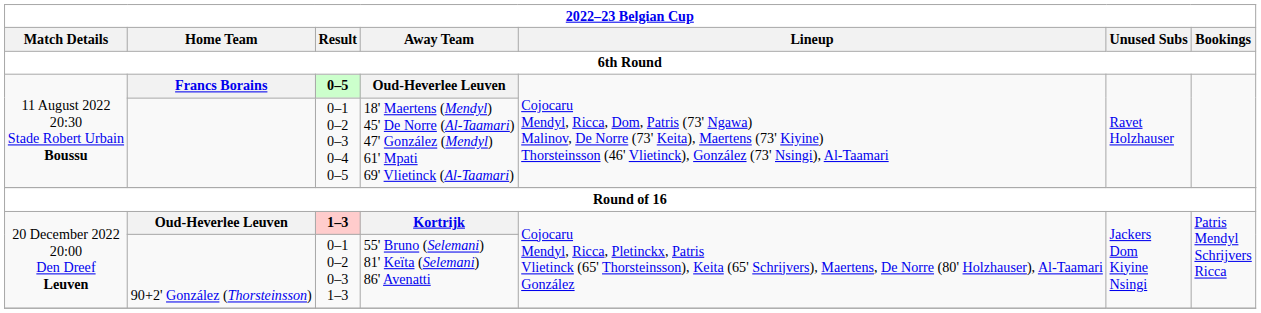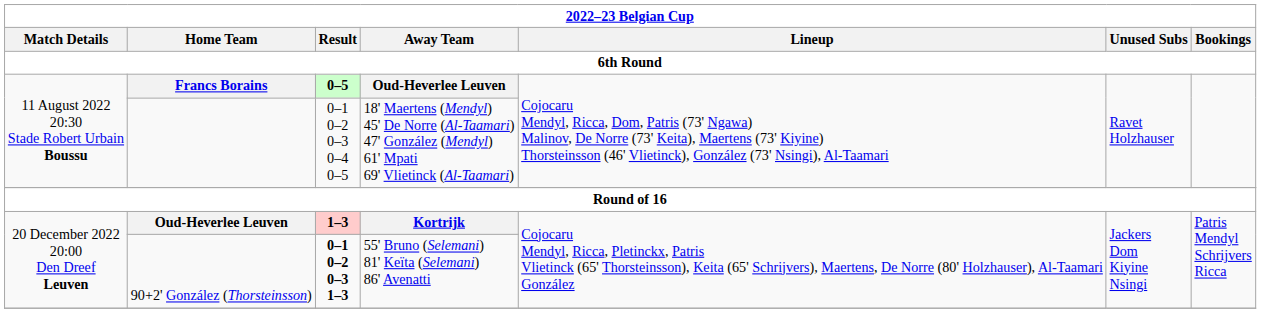 <table class="wikitable" style="font-size:85%">
 <tr>
 <td colspan="7" align="center" style="background:white;"><strong><a href='#'>2022–23 Belgian Cup</a></strong></td>
 </tr>
 <tr>
 <th>Match Details</th>
 <th>Home Team</th>
 <th>Result</th>
 <th>Away Team</th>
 <th>Lineup</th>
 <th>Unused Subs</th>
 <th>Bookings</th>
 </tr>
 <tr>
 <td style="background:white;" align="center" colspan="7"><strong>6th Round</strong></td>
 </tr>
 <tr>
 <td rowspan="2" align="center">11 August 2022<br>20:30<br><a href='#'>Stade Robert Urbain</a><br><strong>Boussu</strong><br></td>
 <th><strong><a href='#'>Francs Borains</a></strong></th>
 <th style="background: #CCFFCC;">0–5</th>
 <th><strong>Oud-Heverlee Leuven</strong></th>
 <td rowspan="2"><a href='#'>Cojocaru</a><br><a href='#'>Mendyl</a>, <a href='#'>Ricca</a>, <a href='#'>Dom</a>, <a href='#'>Patris</a> (73' <a href='#'>Ngawa</a>)<br><a href='#'>Malinov</a>, <a href='#'>De Norre</a> (73' <a href='#'>Keita</a>), <a href='#'>Maertens</a> (73' <a href='#'>Kiyine</a>)<br><a href='#'>Thorsteinsson</a> (46' <a href='#'>Vlietinck</a>), <a href='#'>González</a> (73' <a href='#'>Nsingi</a>), <a href='#'>Al-Taamari</a></td>
 <td rowspan="2"><a href='#'>Ravet</a><br><a href='#'>Holzhauser</a></td>
 <td rowspan="2" valign="top"></td>
 </tr>
 <tr valign="top">
 <td align="right"></td>
 <td align="center">0–1<br>0–2<br>0–3<br>0–4<br>0–5</td>
 <td>18' <a href='#'>Maertens</a> (<em><a href='#'>Mendyl</a></em>)<br>45' <a href='#'>De Norre</a> (<em><a href='#'>Al-Taamari</a></em>)<br>47' <a href='#'>González</a> (<em><a href='#'>Mendyl</a></em>)<br>61' <a href='#'>Mpati</a> <br>69' <a href='#'>Vlietinck</a> (<em><a href='#'>Al-Taamari</a></em>)</td>
 </tr>
 <tr>
 </tr>
 <tr>
 <td style="background:white;" align="center" colspan="7"><strong>Round of 16</strong></td>
 </tr>
 <tr>
 <td rowspan="2" align="center">20 December 2022<br>20:00<br><a href='#'>Den Dreef</a><br><strong>Leuven</strong><br></td>
 <th><strong>Oud-Heverlee Leuven</strong></th>
 <th style="background: #FFCCCC;">1–3</th>
 <th><strong><a href='#'>Kortrijk</a></strong></th>
 <td rowspan="2"><a href='#'>Cojocaru</a><br><a href='#'>Mendyl</a>, <a href='#'>Ricca</a>, <a href='#'>Pletinckx</a>, <a href='#'>Patris</a><br><a href='#'>Vlietinck</a> (65' <a href='#'>Thorsteinsson</a>), <a href='#'>Keita</a> (65' <a href='#'>Schrijvers</a>), <a href='#'>Maertens</a>, <a href='#'>De Norre</a> (80' <a href='#'>Holzhauser</a>), <a href='#'>Al-Taamari</a><br><a href='#'>González</a></td>
 <td rowspan="2"><a href='#'>Jackers</a><br><a href='#'>Dom</a><br><a href='#'>Kiyine</a><br><a href='#'>Nsingi</a></td>
 <td rowspan="2" valign="top"> <a href='#'>Patris</a><br> <a href='#'>Mendyl</a><br> <a href='#'>Schrijvers</a><br> <a href='#'>Ricca</a></td>
 </tr>
 <tr valign="top">
 <td align="right"><br><br><br>90+2' <a href='#'>González</a> (<em><a href='#'>Thorsteinsson</a></em>)</td>
-<td align="center">0–1<br>0–2<br>0–3<br>1–3</td>
+<td align="center"><strong>0–1<br>0–2<br>0–3<br>1–3</strong></td>
 <td>55' <a href='#'>Bruno</a> (<em><a href='#'>Selemani</a></em>)<br>81' <a href='#'>Keïta</a> (<em><a href='#'>Selemani</a></em>)<br>86' <a href='#'>Avenatti</a></td>
 </tr>
 <tr>
 </tr>
 </table>
